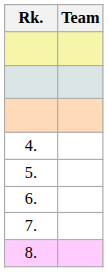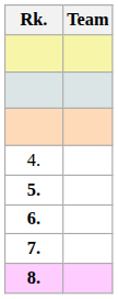 <table class="wikitable" style="border:1px solid #AAAAAA;font-size:90%">
 <tr bgcolor="#E4E4E4">
 <th style="border-bottom:1px solid #AAAAAA" width=40>Rk.</th>
 <th style="border-bottom:1px solid #AAAAAA">Team</th>
 </tr>
 <tr bgcolor="#F7F6A8">
 <td align="center" style="height:23px"></td>
 <td></td>
 </tr>
 <tr bgcolor="#DCE5E5">
 <td align="center" style="height:23px"></td>
 <td></td>
 </tr>
 <tr bgcolor="#FFDAB9">
 <td align="center" style="height:23px"></td>
 <td></td>
 </tr>
 <tr style="background:#ffffff;">
 <td align="center">4.</td>
 <td></td>
 </tr>
 <tr style="background:#ffffff;">
-<td align="center">5.</td>
+<td align="center"><strong>5.</strong></td>
 <td></td>
 </tr>
 <tr style="background:#ffffff;">
-<td align="center">6.</td>
+<td align="center"><strong>6.</strong></td>
 <td></td>
 </tr>
 <tr style="background:#ffffff;">
-<td align="center">7.</td>
+<td align="center"><strong>7.</strong></td>
 <td></td>
 </tr>
 <tr style="background:#ffccff;">
-<td align="center">8.</td>
+<td align="center"><strong>8.</strong></td>
 <td></td>
 </tr>
 </table>
